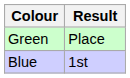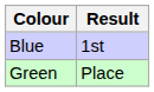 <table class="wikitable" style="font-size:85%;">
 <tr>
 <th scope="col" style="width: 50px;">Colour</th>
 <th scope="col" style="width: 50px;">Result</th>
 </tr>
 <tr>
+<td style="background:#CFCFFF;">Blue</td>
+<td style="background:#CFCFFF;">1st</td>
+</tr>
+<tr>
 <td style="background:#cfc;">Green</td>
 <td style="background:#cfc;">Place</td>
 </tr>
-<tr>
-<td style="background:#CFCFFF;">Blue</td>
-<td style="background:#CFCFFF;">1st</td>
-</tr>
 </table>
